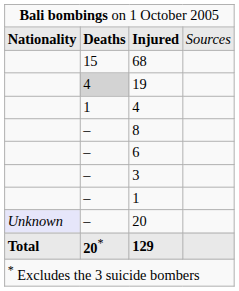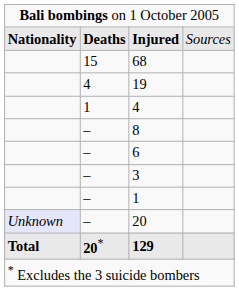 <table class="wikitable sortable" style="float:right; margin:10px">
 <tr>
 <td colspan="4" style="text-align:center;" cellspacing="0"><strong>Bali bombings</strong> on 1 October 2005</td>
 </tr>
 <tr style="text-align:center; background:#e9e9e9;">
 <td><strong>Nationality</strong></td>
 <td><strong>Deaths</strong></td>
 <td><strong>Injured</strong></td>
 <td><em>Sources</em></td>
 </tr>
 <tr>
 <td></td>
 <td>15</td>
 <td>68</td>
 <td></td>
 </tr>
 <tr>
 <td></td>
-<td style="background: lightgrey;">4</td>
+<td>4</td>
 <td>19</td>
 <td></td>
 </tr>
 <tr>
 <td></td>
 <td>1</td>
 <td>4</td>
 <td></td>
 </tr>
 <tr>
 <td></td>
 <td>–</td>
 <td>8</td>
 <td></td>
 </tr>
 <tr>
 <td></td>
 <td>–</td>
 <td>6</td>
 <td></td>
 </tr>
 <tr>
 <td></td>
 <td>–</td>
 <td>3</td>
 <td></td>
 </tr>
 <tr>
 <td></td>
 <td>–</td>
 <td>1</td>
 <td></td>
 </tr>
 <tr>
 <td style="background: lavender;"><em>Unknown</em></td>
 <td>–</td>
 <td>20</td>
 <td></td>
 </tr>
 <tr style="background: #E9E9E9;">
 <td><strong>Total</strong></td>
 <td><strong>20</strong><sup>*</sup></td>
 <td style="background: #E9E9E9;"><strong>129</strong></td>
 <td style="background: #E9E9E9;"></td>
 </tr>
 <tr>
 <td colspan="4"><sup>*</sup> Excludes the 3 suicide bombers</td>
 </tr>
 </table>
